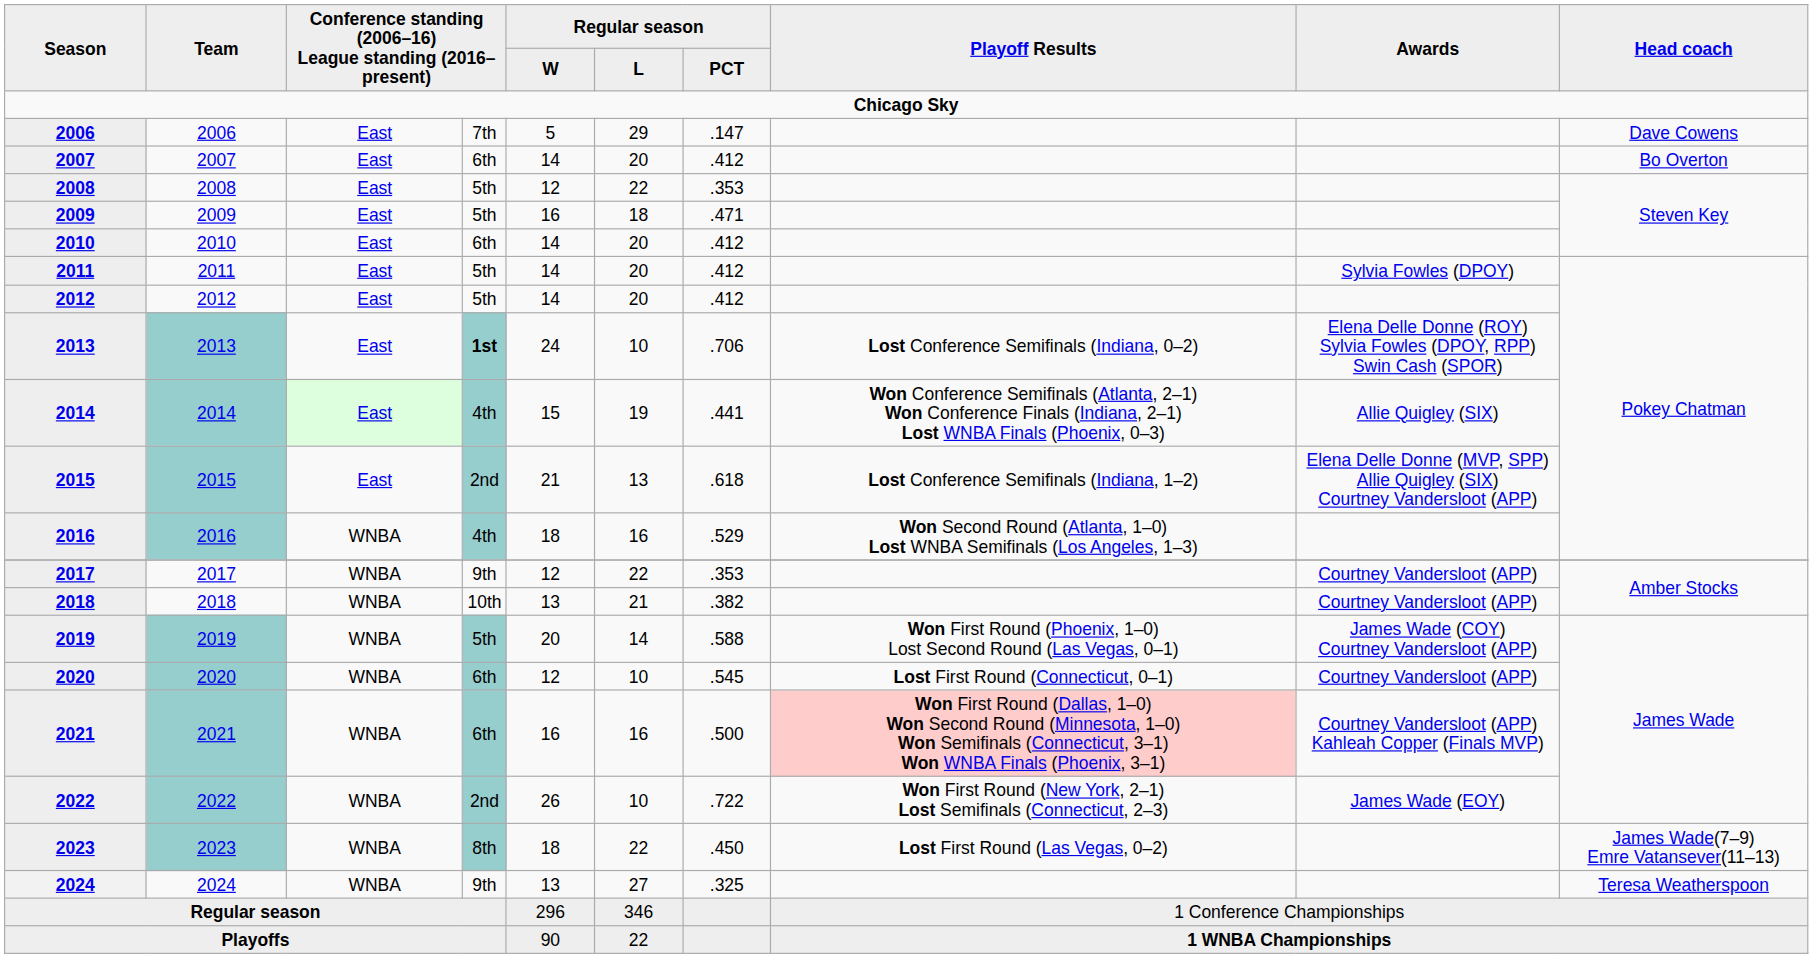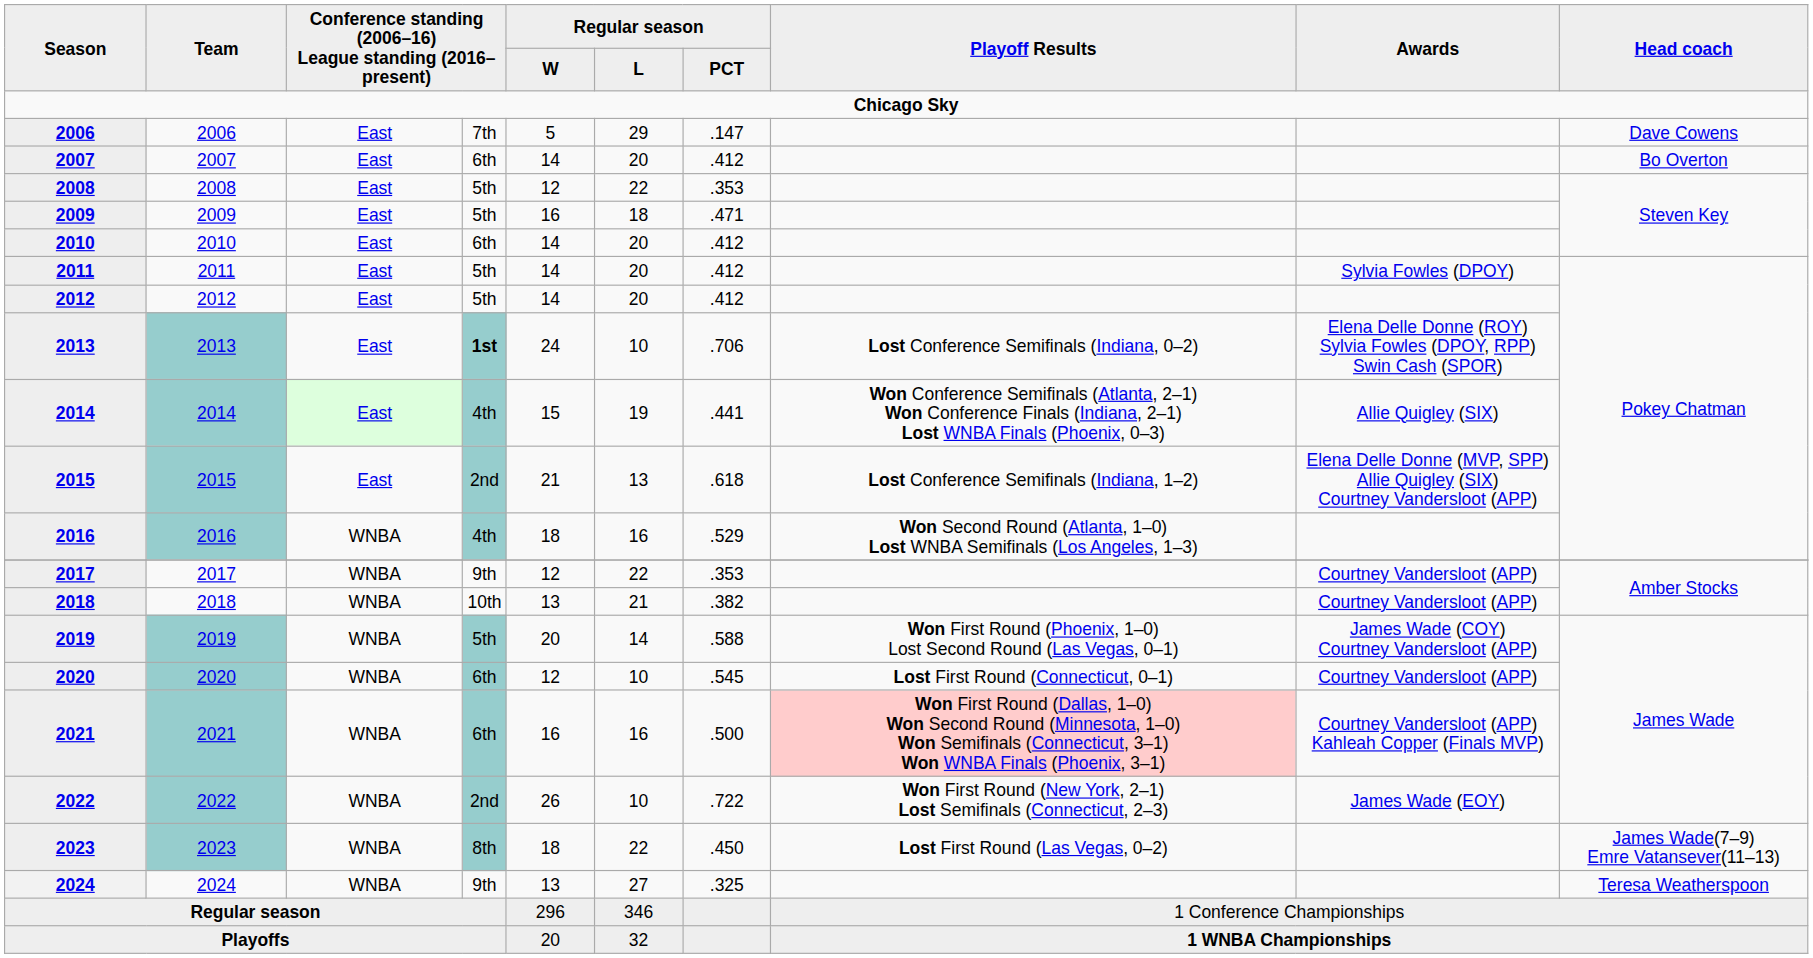 <table class="wikitable plainrowheaders" style="font-size:95%; text-align: center;">
 <tr>
 <th rowspan="2" style="background:#eee; width: 8%;">Season</th>
 <th rowspan="2" style="background:#eee; width: 8%;">Team</th>
 <th rowspan="2" colspan="2" style="background:#eee; width: 10%;">Conference standing (2006–16)<br>League standing (2016–present)</th>
 <th colspan="3" style="background:#eee; width: 15%;">Regular season</th>
 <th rowspan="2" style="background:#eee; width: 30%;"><a href='#'>Playoff</a> Results</th>
 <th rowspan="2" style="background:#eee; width: 15%;">Awards</th>
 <th rowspan="2" style="background:#eee; width: 15%;"><a href='#'>Head coach</a></th>
 </tr>
 <tr>
 <th style="background:#eee; width: 5%;">W</th>
 <th style="background:#eee; width: 5%;">L</th>
 <th style="background:#eee; width: 5%;">PCT</th>
 </tr>
 <tr>
 <td colspan="10" style="text-align:center; "><strong>Chicago Sky</strong></td>
 </tr>
 <tr style="text-align:center;">
 <th style="background:#eee;"><a href='#'>2006</a></th>
 <td><a href='#'>2006</a></td>
 <td style="width: 10%"><a href='#'>East</a></td>
 <td>7th</td>
 <td>5</td>
 <td>29</td>
 <td>.147</td>
 <td></td>
 <td></td>
 <td><a href='#'>Dave Cowens</a></td>
 </tr>
 <tr style="text-align:center;">
 <th style="background:#eee;"><a href='#'>2007</a></th>
 <td><a href='#'>2007</a></td>
 <td style="width: 10%"><a href='#'>East</a></td>
 <td>6th</td>
 <td>14</td>
 <td>20</td>
 <td>.412</td>
 <td></td>
 <td></td>
 <td><a href='#'>Bo Overton</a></td>
 </tr>
 <tr style="text-align:center;">
 <th style="background:#eee;"><a href='#'>2008</a></th>
 <td><a href='#'>2008</a></td>
 <td style="width: 10%"><a href='#'>East</a></td>
 <td>5th</td>
 <td>12</td>
 <td>22</td>
 <td>.353</td>
 <td></td>
 <td></td>
 <td rowspan="3"><a href='#'>Steven Key</a></td>
 </tr>
 <tr style="text-align:center;">
 <th style="background:#eee;"><a href='#'>2009</a></th>
 <td><a href='#'>2009</a></td>
 <td style="width: 10%"><a href='#'>East</a></td>
 <td>5th</td>
 <td>16</td>
 <td>18</td>
 <td>.471</td>
 <td></td>
 <td></td>
 </tr>
 <tr style="text-align:center;">
 <th style="background:#eee;"><a href='#'>2010</a></th>
 <td><a href='#'>2010</a></td>
 <td style="width: 10%"><a href='#'>East</a></td>
 <td>6th</td>
 <td>14</td>
 <td>20</td>
 <td>.412</td>
 <td></td>
 <td></td>
 </tr>
 <tr style="text-align:center;">
 <th style="background:#eee;"><a href='#'>2011</a></th>
 <td><a href='#'>2011</a></td>
 <td style="width: 10%"><a href='#'>East</a></td>
 <td>5th</td>
 <td>14</td>
 <td>20</td>
 <td>.412</td>
 <td></td>
 <td><a href='#'>Sylvia Fowles</a> (<a href='#'>DPOY</a>)</td>
 <td rowspan="6"><a href='#'>Pokey Chatman</a></td>
 </tr>
 <tr style="text-align:center;">
 <th style="background:#eee;"><a href='#'>2012</a></th>
 <td><a href='#'>2012</a></td>
 <td style="width: 10%"><a href='#'>East</a></td>
 <td>5th</td>
 <td>14</td>
 <td>20</td>
 <td>.412</td>
 <td></td>
 <td></td>
 </tr>
 <tr style="text-align:center;">
 <th style="background:#eee;"><a href='#'>2013</a></th>
 <td bgcolor="#96CDCD"><a href='#'>2013</a></td>
 <td style="width: 10%"><a href='#'>East</a></td>
 <td bgcolor="#96CDCD"><strong>1st</strong></td>
 <td>24</td>
 <td>10</td>
 <td>.706</td>
 <td><strong>Lost</strong> Conference Semifinals (<a href='#'>Indiana</a>, 0–2)</td>
 <td><a href='#'>Elena Delle Donne</a> (<a href='#'>ROY</a>)<br><a href='#'>Sylvia Fowles</a> (<a href='#'>DPOY</a>, <a href='#'>RPP</a>)<br><a href='#'>Swin Cash</a> (<a href='#'>SPOR</a>)</td>
 </tr>
 <tr style="text-align:center;">
 <th style="background:#eee;"><a href='#'>2014</a></th>
 <td bgcolor="#96CDCD"><a href='#'>2014</a></td>
 <td style="width: 10%"; bgcolor="#DDFFDD"><a href='#'>East</a></td>
 <td bgcolor="#96CDCD">4th</td>
 <td>15</td>
 <td>19</td>
 <td>.441</td>
 <td><strong>Won</strong> Conference Semifinals (<a href='#'>Atlanta</a>, 2–1)<br> <strong>Won</strong> Conference Finals (<a href='#'>Indiana</a>, 2–1)<br> <strong>Lost</strong> <a href='#'>WNBA Finals</a> (<a href='#'>Phoenix</a>, 0–3)</td>
 <td><a href='#'>Allie Quigley</a> (<a href='#'>SIX</a>)</td>
 </tr>
 <tr style="text-align:center;">
 <th style="background:#eee;"><a href='#'>2015</a></th>
 <td bgcolor="#96CDCD"><a href='#'>2015</a></td>
 <td style="width: 10%"><a href='#'>East</a></td>
 <td bgcolor="#96CDCD">2nd</td>
 <td>21</td>
 <td>13</td>
 <td>.618</td>
 <td><strong>Lost</strong> Conference Semifinals (<a href='#'>Indiana</a>, 1–2)</td>
 <td><a href='#'>Elena Delle Donne</a> (<a href='#'>MVP</a>, <a href='#'>SPP</a>)<br> <a href='#'>Allie Quigley</a> (<a href='#'>SIX</a>)<br><a href='#'>Courtney Vandersloot</a> (<a href='#'>APP</a>)</td>
 </tr>
 <tr style="text-align:center;">
 <th style="background:#eee;"><a href='#'>2016</a></th>
 <td bgcolor="#96CDCD"><a href='#'>2016</a></td>
 <td style="width: 10%">WNBA</td>
 <td bgcolor="#96CDCD">4th</td>
 <td>18</td>
 <td>16</td>
 <td>.529</td>
 <td><strong>Won</strong> Second Round (<a href='#'>Atlanta</a>, 1–0)<br> <strong>Lost</strong> WNBA Semifinals (<a href='#'>Los Angeles</a>, 1–3)</td>
 <td></td>
 </tr>
 <tr>
 </tr>
 <tr style="text-align:center;">
 <th style="background:#eee;"><a href='#'>2017</a></th>
 <td><a href='#'>2017</a></td>
 <td style="width: 10%">WNBA</td>
 <td>9th</td>
 <td>12</td>
 <td>22</td>
 <td>.353</td>
 <td></td>
 <td><a href='#'>Courtney Vandersloot</a> (<a href='#'>APP</a>)</td>
 <td rowspan="2"><a href='#'>Amber Stocks</a></td>
 </tr>
 <tr>
 <th style="background:#eee;"><a href='#'>2018</a></th>
 <td><a href='#'>2018</a></td>
 <td style="width: 10%">WNBA</td>
 <td>10th</td>
 <td>13</td>
 <td>21</td>
 <td>.382</td>
 <td></td>
 <td><a href='#'>Courtney Vandersloot</a> (<a href='#'>APP</a>)</td>
 </tr>
 <tr style="text-align:center;">
 <th style="background:#eee;"><a href='#'>2019</a></th>
 <td bgcolor="#96CDCD"><a href='#'>2019</a></td>
 <td style="width: 10%">WNBA</td>
 <td bgcolor="#96CDCD">5th</td>
 <td>20</td>
 <td>14</td>
 <td>.588</td>
 <td><strong>Won</strong> First Round (<a href='#'>Phoenix</a>, 1–0)<br>Lost Second Round (<a href='#'>Las Vegas</a>, 0–1)</td>
 <td><a href='#'>James Wade</a> (<a href='#'>COY</a>)<br><a href='#'>Courtney Vandersloot</a> (<a href='#'>APP</a>)</td>
 <td rowspan="4"><a href='#'>James Wade</a></td>
 </tr>
 <tr style="text-align:center;">
 <th style="background:#eee;"><a href='#'>2020</a></th>
 <td bgcolor="#96CDCD"><a href='#'>2020</a></td>
 <td style="width: 10%">WNBA</td>
 <td bgcolor="#96CDCD">6th</td>
 <td>12</td>
 <td>10</td>
 <td>.545</td>
 <td><strong>Lost</strong> First Round (<a href='#'>Connecticut</a>, 0–1)</td>
 <td><a href='#'>Courtney Vandersloot</a> (<a href='#'>APP</a>)</td>
 </tr>
 <tr>
 <th style="background:#eee;"><a href='#'>2021</a></th>
 <td bgcolor="#96CDCD"><a href='#'>2021</a></td>
 <td>WNBA</td>
 <td bgcolor="#96CDCD">6th</td>
 <td>16</td>
 <td>16</td>
 <td>.500</td>
 <td bgcolor="#FFCCCC"><strong>Won</strong> First Round (<a href='#'>Dallas</a>, 1–0)<br><strong>Won</strong> Second Round (<a href='#'>Minnesota</a>, 1–0)<br><strong>Won</strong> Semifinals (<a href='#'>Connecticut</a>, 3–1)<br><strong>Won</strong> <a href='#'>WNBA Finals</a> (<a href='#'>Phoenix</a>, 3–1)</td>
 <td><a href='#'>Courtney Vandersloot</a> (<a href='#'>APP</a>)<br><a href='#'>Kahleah Copper</a> (<a href='#'>Finals MVP</a>)</td>
 </tr>
 <tr>
 <th style="background:#eee;"><a href='#'>2022</a></th>
 <td bgcolor="#96CDCD"><a href='#'>2022</a></td>
 <td>WNBA</td>
 <td bgcolor="#96CDCD">2nd</td>
 <td>26</td>
 <td>10</td>
 <td>.722</td>
 <td bgcolor=""><strong>Won</strong> First Round (<a href='#'>New York</a>, 2–1)<br><strong>Lost</strong> Semifinals (<a href='#'>Connecticut</a>, 2–3)</td>
 <td><a href='#'>James Wade</a> (<a href='#'>EOY</a>)</td>
 </tr>
 <tr>
 <th style="background:#eee;"><a href='#'>2023</a></th>
 <td bgcolor="#96CDCD"><a href='#'>2023</a></td>
 <td>WNBA</td>
 <td bgcolor="#96CDCD">8th</td>
 <td>18</td>
 <td>22</td>
 <td>.450</td>
 <td bgcolor=""><strong>Lost</strong> First Round (<a href='#'>Las Vegas</a>, 0–2)</td>
 <td></td>
 <td><a href='#'>James Wade</a>(7–9)<br><a href='#'>Emre Vatansever</a>(11–13)</td>
 </tr>
 <tr>
 <th style=""><a href='#'>2024</a></th>
 <td bgcolor=""><a href='#'>2024</a></td>
 <td>WNBA</td>
 <td bgcolor="">9th</td>
 <td>13</td>
 <td>27</td>
 <td>.325</td>
 <td bgcolor=""></td>
 <td></td>
 <td><a href='#'>Teresa Weatherspoon</a></td>
 </tr>
 <tr>
 <th colspan="4" style="background:#eee;">Regular season</th>
 <td style="background:#eee;">296</td>
 <td style="background:#eee;">346</td>
 <td style="background:#eee;"></td>
 <td colspan="3" style="background:#eee;">1 Conference Championships</td>
 </tr>
 <tr>
 <th colspan="4" style="background:#eee;">Playoffs</th>
-<td style="background:#eee;">90</td>
-<td style="background:#eee;">22</td>
+<td style="background:#eee;">20</td>
+<td style="background:#eee;">32</td>
 <td style="background:#eee;"></td>
 <td colspan="3" style="background:#eee;"><strong>1 WNBA Championships</strong></td>
 </tr>
 </table>
